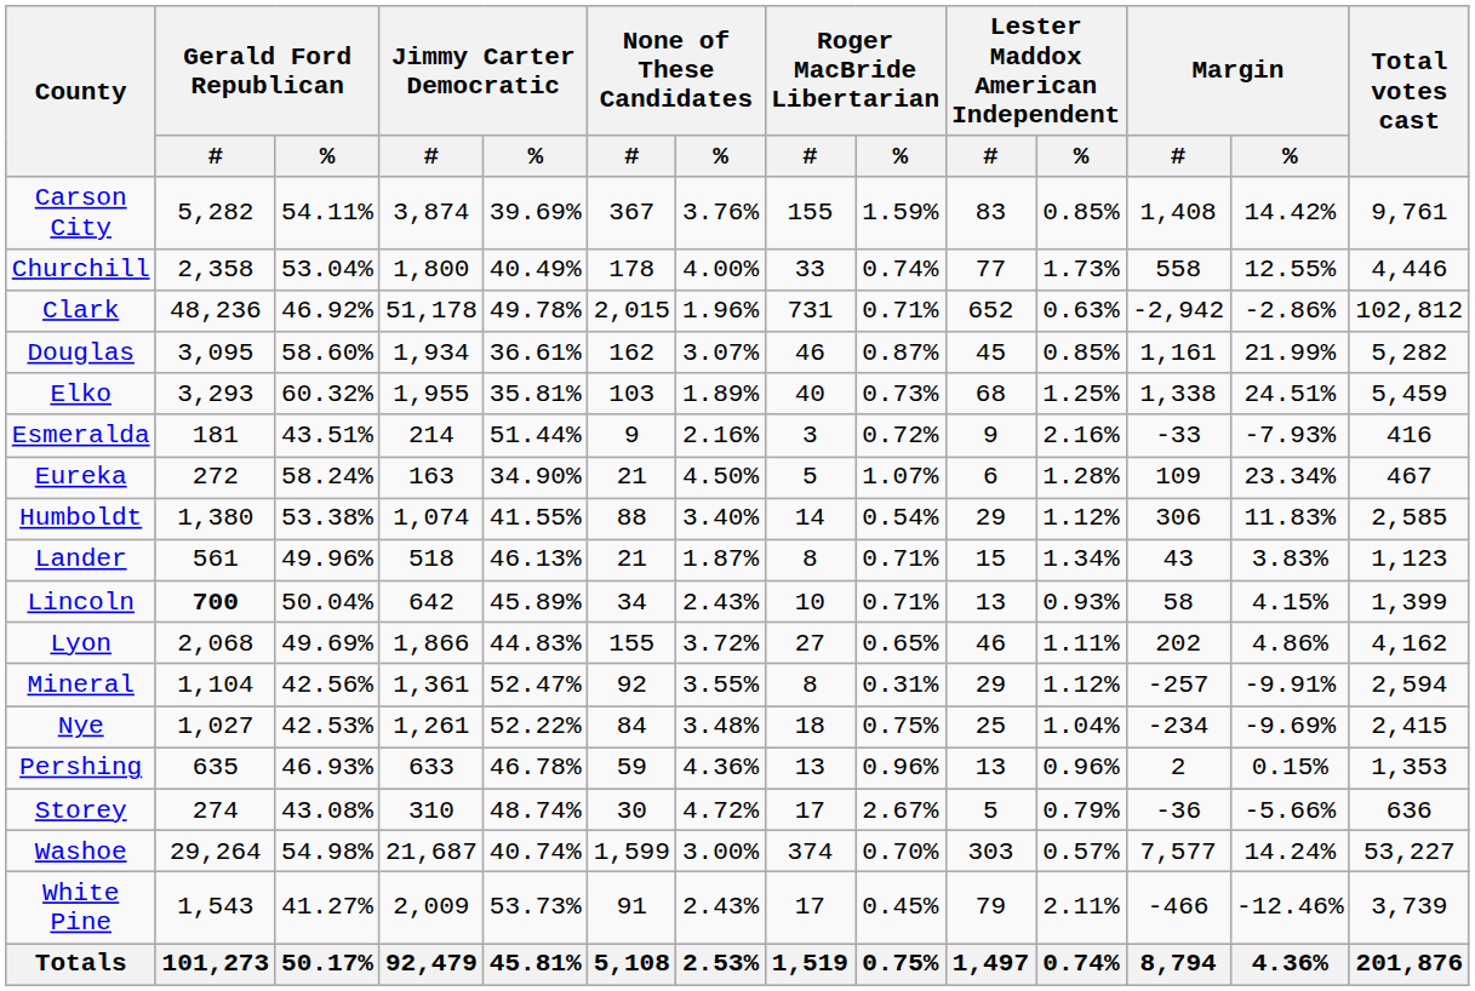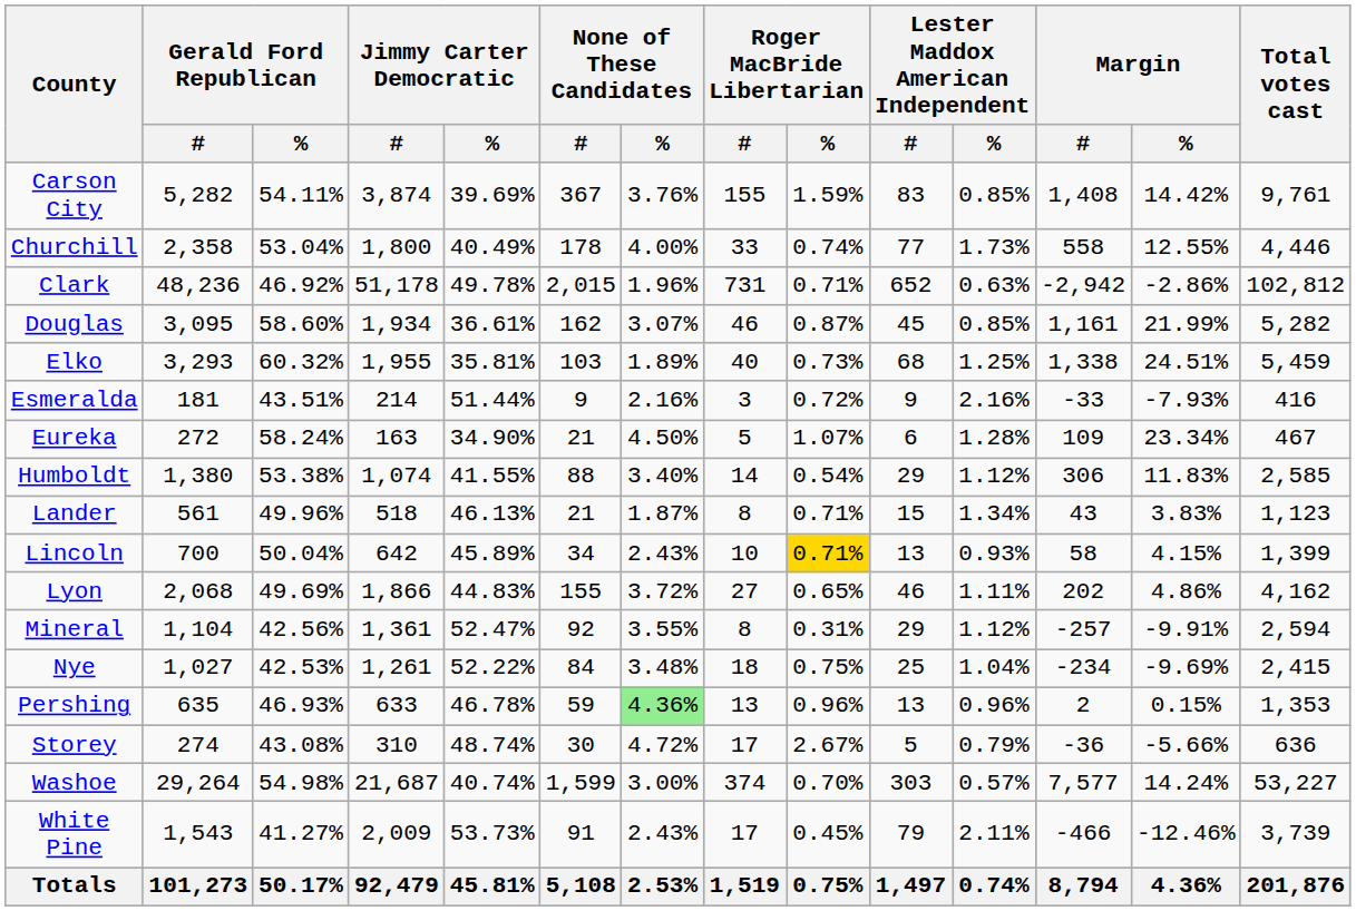 <table class="wikitable sortable" style="text-align:center">
 <tr>
 <th style="text-align:center;" rowspan="2">County</th>
 <th style="text-align:center;" colspan="2">Gerald Ford<br>Republican</th>
 <th style="text-align:center;" colspan="2">Jimmy Carter<br>Democratic</th>
 <th style="text-align:center;" colspan="2">None of These Candidates<br></th>
 <th style="text-align:center;" colspan="2">Roger MacBride<br>Libertarian</th>
 <th style="text-align:center;" colspan="2">Lester Maddox<br>American Independent</th>
 <th style="text-align:center;" colspan="2">Margin</th>
 <th colspan="1" rowspan="2" style="text-align:center;">Total votes cast</th>
 </tr>
 <tr>
 <th style="text-align:center;" data-sort-type="number">#</th>
 <th style="text-align:center;" data-sort-type="number">%</th>
 <th style="text-align:center;" data-sort-type="number">#</th>
 <th style="text-align:center;" data-sort-type="number">%</th>
 <th style="text-align:center;" data-sort-type="number">#</th>
 <th style="text-align:center;" data-sort-type="number">%</th>
 <th style="text-align:center;" data-sort-type="number">#</th>
 <th style="text-align:center;" data-sort-type="number">%</th>
 <th style="text-align:center;" data-sort-type="number">#</th>
 <th style="text-align:center;" data-sort-type="number">%</th>
 <th style="text-align:center;" data-sort-type="number">#</th>
 <th style="text-align:center;" data-sort-type="number">%</th>
 </tr>
 <tr style="text-align:center;">
 <td><a href='#'>Carson City</a></td>
 <td>5,282</td>
 <td>54.11%</td>
 <td>3,874</td>
 <td>39.69%</td>
 <td>367</td>
 <td>3.76%</td>
 <td>155</td>
 <td>1.59%</td>
 <td>83</td>
 <td>0.85%</td>
 <td>1,408</td>
 <td>14.42%</td>
 <td>9,761</td>
 </tr>
 <tr style="text-align:center;">
 <td><a href='#'>Churchill</a></td>
 <td>2,358</td>
 <td>53.04%</td>
 <td>1,800</td>
 <td>40.49%</td>
 <td>178</td>
 <td>4.00%</td>
 <td>33</td>
 <td>0.74%</td>
 <td>77</td>
 <td>1.73%</td>
 <td>558</td>
 <td>12.55%</td>
 <td>4,446</td>
 </tr>
 <tr style="text-align:center;">
 <td><a href='#'>Clark</a></td>
 <td>48,236</td>
 <td>46.92%</td>
 <td>51,178</td>
 <td>49.78%</td>
 <td>2,015</td>
 <td>1.96%</td>
 <td>731</td>
 <td>0.71%</td>
 <td>652</td>
 <td>0.63%</td>
 <td>-2,942</td>
 <td>-2.86%</td>
 <td>102,812</td>
 </tr>
 <tr style="text-align:center;">
 <td><a href='#'>Douglas</a></td>
 <td>3,095</td>
 <td>58.60%</td>
 <td>1,934</td>
 <td>36.61%</td>
 <td>162</td>
 <td>3.07%</td>
 <td>46</td>
 <td>0.87%</td>
 <td>45</td>
 <td>0.85%</td>
 <td>1,161</td>
 <td>21.99%</td>
 <td>5,282</td>
 </tr>
 <tr style="text-align:center;">
 <td><a href='#'>Elko</a></td>
 <td>3,293</td>
 <td>60.32%</td>
 <td>1,955</td>
 <td>35.81%</td>
 <td>103</td>
 <td>1.89%</td>
 <td>40</td>
 <td>0.73%</td>
 <td>68</td>
 <td>1.25%</td>
 <td>1,338</td>
 <td>24.51%</td>
 <td>5,459</td>
 </tr>
 <tr style="text-align:center;">
 <td><a href='#'>Esmeralda</a></td>
 <td>181</td>
 <td>43.51%</td>
 <td>214</td>
 <td>51.44%</td>
 <td>9</td>
 <td>2.16%</td>
 <td>3</td>
 <td>0.72%</td>
 <td>9</td>
 <td>2.16%</td>
 <td>-33</td>
 <td>-7.93%</td>
 <td>416</td>
 </tr>
 <tr style="text-align:center;">
 <td><a href='#'>Eureka</a></td>
 <td>272</td>
 <td>58.24%</td>
 <td>163</td>
 <td>34.90%</td>
 <td>21</td>
 <td>4.50%</td>
 <td>5</td>
 <td>1.07%</td>
 <td>6</td>
 <td>1.28%</td>
 <td>109</td>
 <td>23.34%</td>
 <td>467</td>
 </tr>
 <tr style="text-align:center;">
 <td><a href='#'>Humboldt</a></td>
 <td>1,380</td>
 <td>53.38%</td>
 <td>1,074</td>
 <td>41.55%</td>
 <td>88</td>
 <td>3.40%</td>
 <td>14</td>
 <td>0.54%</td>
 <td>29</td>
 <td>1.12%</td>
 <td>306</td>
 <td>11.83%</td>
 <td>2,585</td>
 </tr>
 <tr style="text-align:center;">
 <td><a href='#'>Lander</a></td>
 <td>561</td>
 <td>49.96%</td>
 <td>518</td>
 <td>46.13%</td>
 <td>21</td>
 <td>1.87%</td>
 <td>8</td>
 <td>0.71%</td>
 <td>15</td>
 <td>1.34%</td>
 <td>43</td>
 <td>3.83%</td>
 <td>1,123</td>
 </tr>
 <tr style="text-align:center;">
 <td><a href='#'>Lincoln</a></td>
-<td><strong>700</strong></td>
+<td>700</td>
 <td>50.04%</td>
 <td>642</td>
 <td>45.89%</td>
 <td>34</td>
 <td>2.43%</td>
 <td>10</td>
-<td>0.71%</td>
+<td style="background: gold;">0.71%</td>
 <td>13</td>
 <td>0.93%</td>
 <td>58</td>
 <td>4.15%</td>
 <td>1,399</td>
 </tr>
 <tr style="text-align:center;">
 <td><a href='#'>Lyon</a></td>
 <td>2,068</td>
 <td>49.69%</td>
 <td>1,866</td>
 <td>44.83%</td>
 <td>155</td>
 <td>3.72%</td>
 <td>27</td>
 <td>0.65%</td>
 <td>46</td>
 <td>1.11%</td>
 <td>202</td>
 <td>4.86%</td>
 <td>4,162</td>
 </tr>
 <tr style="text-align:center;">
 <td><a href='#'>Mineral</a></td>
 <td>1,104</td>
 <td>42.56%</td>
 <td>1,361</td>
 <td>52.47%</td>
 <td>92</td>
 <td>3.55%</td>
 <td>8</td>
 <td>0.31%</td>
 <td>29</td>
 <td>1.12%</td>
 <td>-257</td>
 <td>-9.91%</td>
 <td>2,594</td>
 </tr>
 <tr style="text-align:center;">
 <td><a href='#'>Nye</a></td>
 <td>1,027</td>
 <td>42.53%</td>
 <td>1,261</td>
 <td>52.22%</td>
 <td>84</td>
 <td>3.48%</td>
 <td>18</td>
 <td>0.75%</td>
 <td>25</td>
 <td>1.04%</td>
 <td>-234</td>
 <td>-9.69%</td>
 <td>2,415</td>
 </tr>
 <tr style="text-align:center;">
 <td><a href='#'>Pershing</a></td>
 <td>635</td>
 <td>46.93%</td>
 <td>633</td>
 <td>46.78%</td>
 <td>59</td>
-<td>4.36%</td>
+<td style="background: lightgreen;">4.36%</td>
 <td>13</td>
 <td>0.96%</td>
 <td>13</td>
 <td>0.96%</td>
 <td>2</td>
 <td>0.15%</td>
 <td>1,353</td>
 </tr>
 <tr style="text-align:center;">
 <td><a href='#'>Storey</a></td>
 <td>274</td>
 <td>43.08%</td>
 <td>310</td>
 <td>48.74%</td>
 <td>30</td>
 <td>4.72%</td>
 <td>17</td>
 <td>2.67%</td>
 <td>5</td>
 <td>0.79%</td>
 <td>-36</td>
 <td>-5.66%</td>
 <td>636</td>
 </tr>
 <tr style="text-align:center;">
 <td><a href='#'>Washoe</a></td>
 <td>29,264</td>
 <td>54.98%</td>
 <td>21,687</td>
 <td>40.74%</td>
 <td>1,599</td>
 <td>3.00%</td>
 <td>374</td>
 <td>0.70%</td>
 <td>303</td>
 <td>0.57%</td>
 <td>7,577</td>
 <td>14.24%</td>
 <td>53,227</td>
 </tr>
 <tr style="text-align:center;">
 <td><a href='#'>White Pine</a></td>
 <td>1,543</td>
 <td>41.27%</td>
 <td>2,009</td>
 <td>53.73%</td>
 <td>91</td>
 <td>2.43%</td>
 <td>17</td>
 <td>0.45%</td>
 <td>79</td>
 <td>2.11%</td>
 <td>-466</td>
 <td>-12.46%</td>
 <td>3,739</td>
 </tr>
 <tr style="text-align:center;">
 <th>Totals</th>
 <th>101,273</th>
 <th>50.17%</th>
 <th>92,479</th>
 <th>45.81%</th>
 <th>5,108</th>
 <th>2.53%</th>
 <th>1,519</th>
 <th>0.75%</th>
 <th>1,497</th>
 <th>0.74%</th>
 <th>8,794</th>
 <th>4.36%</th>
 <th>201,876</th>
 </tr>
 </table>
